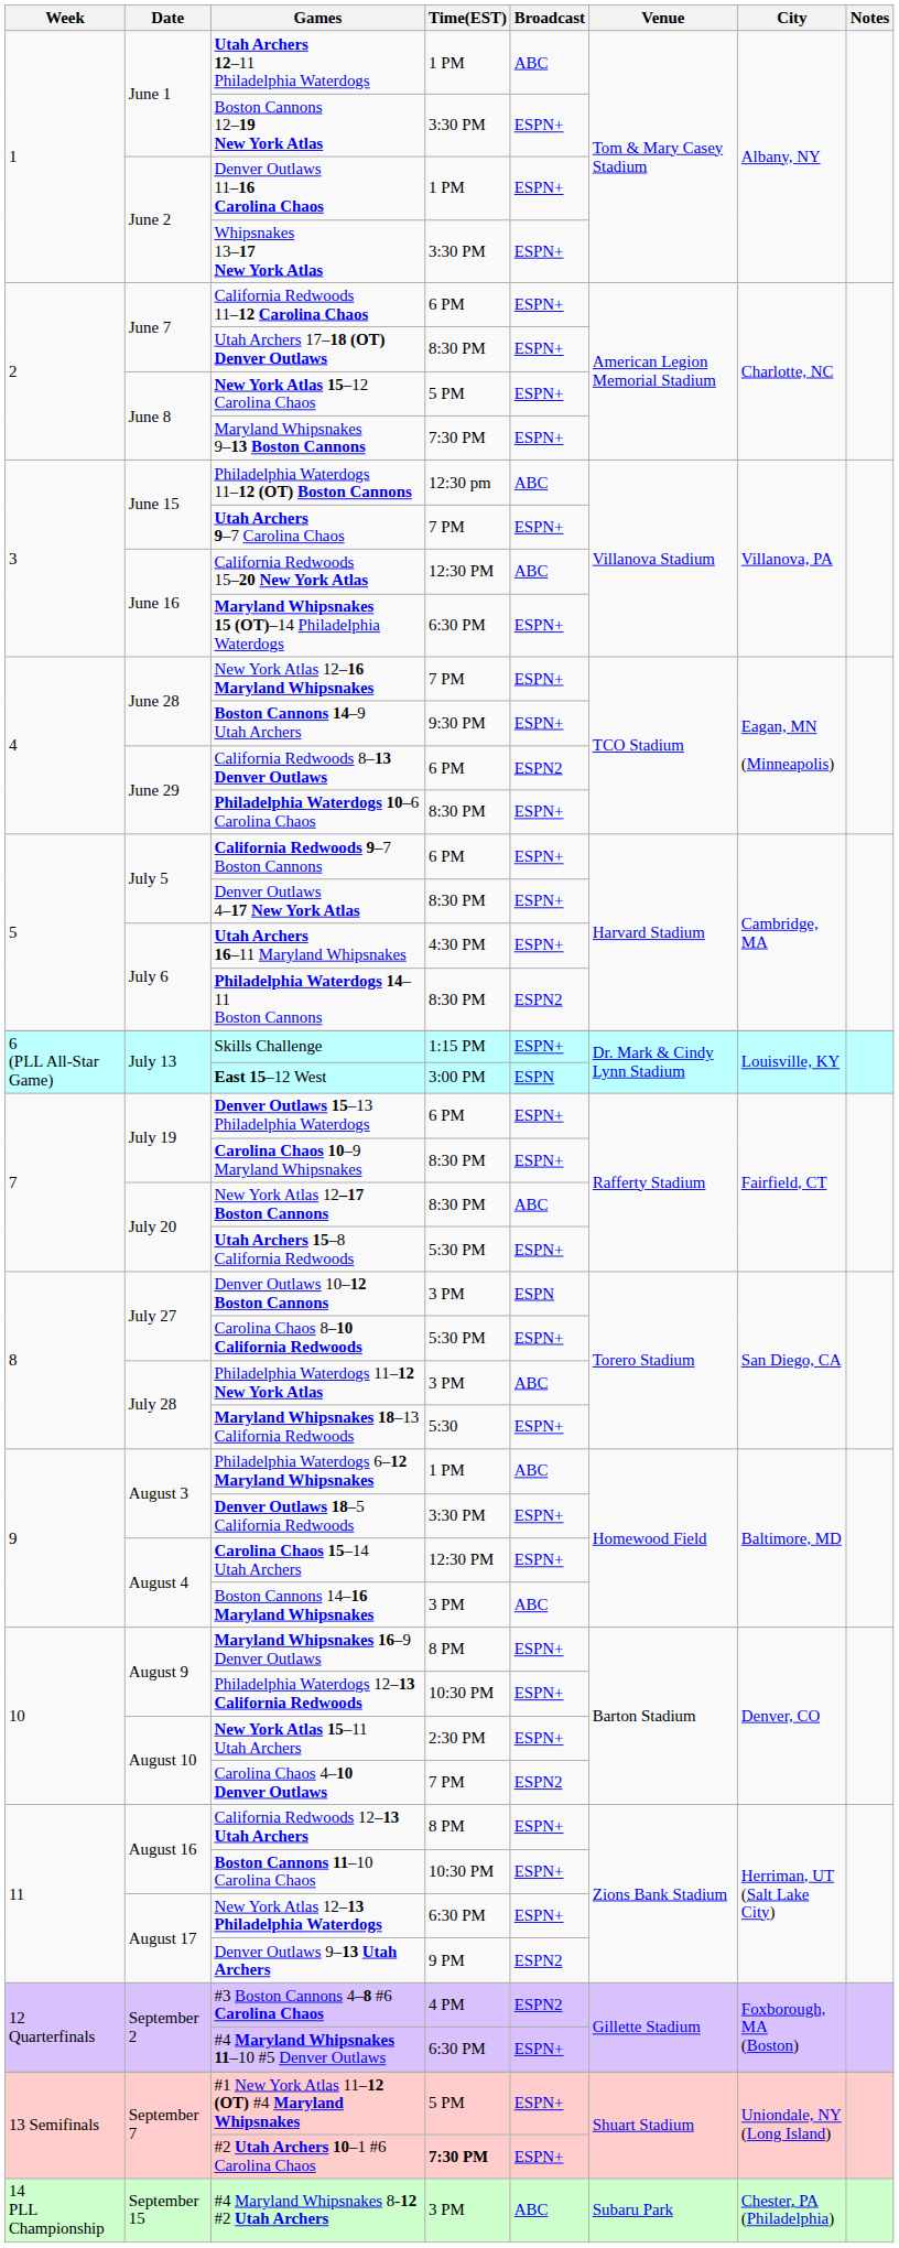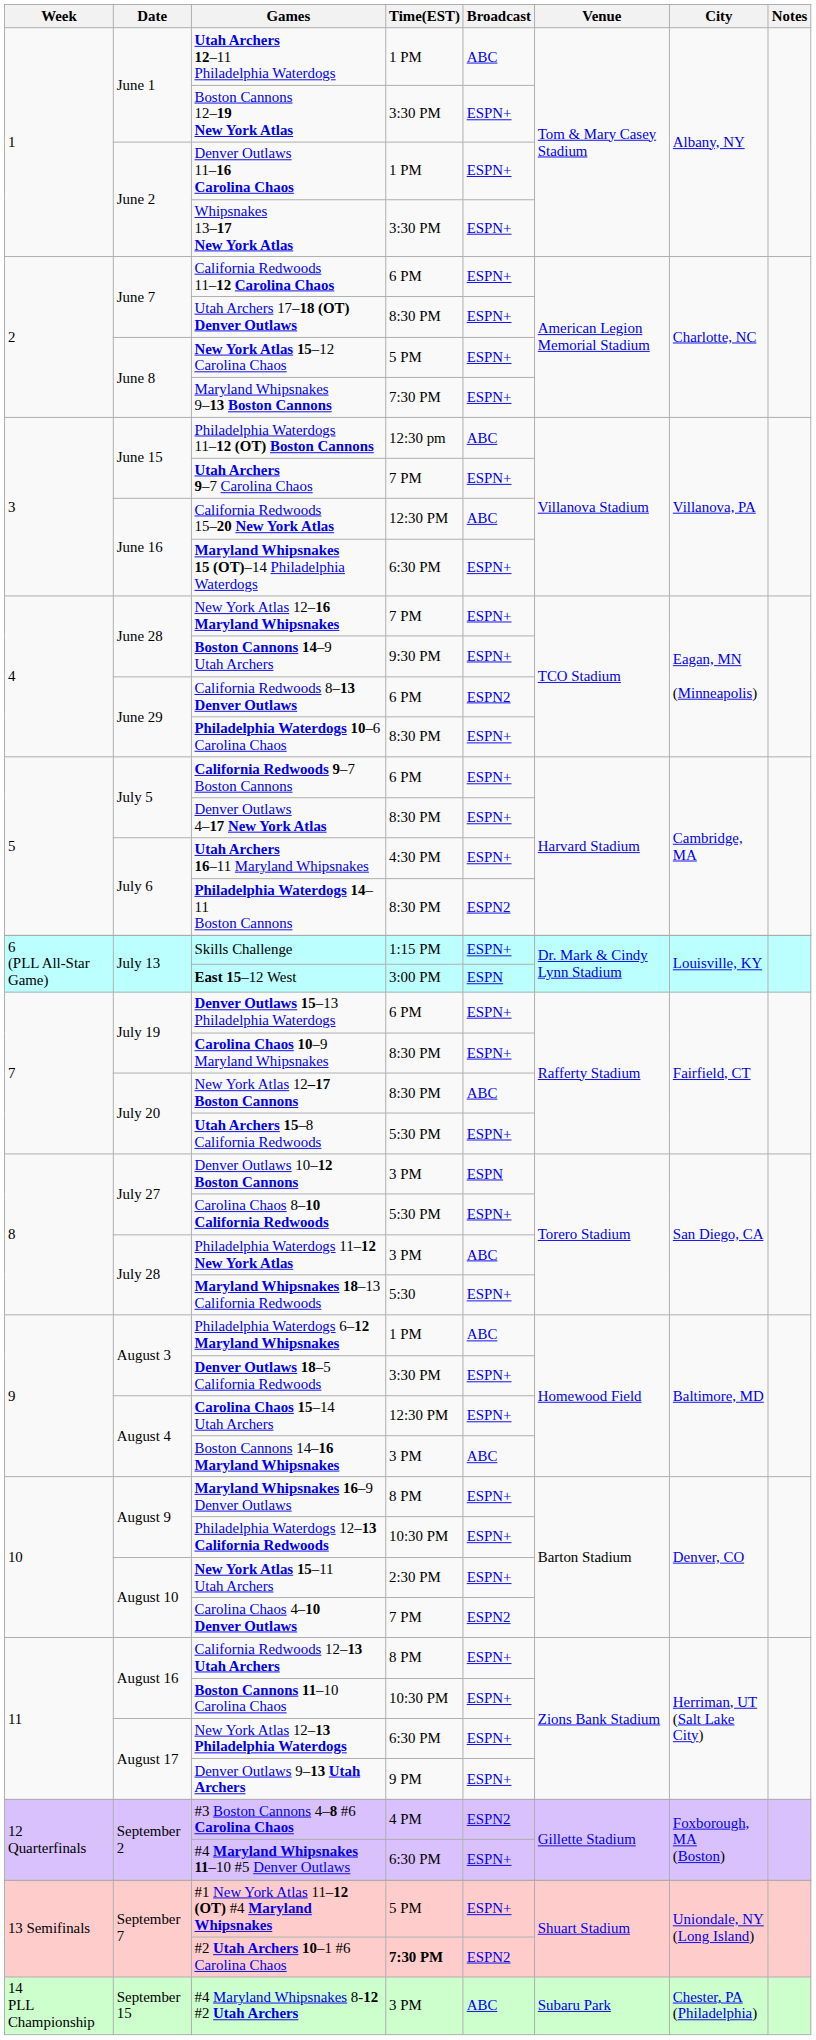 <table class="wikitable">
 <tr>
 <th><strong>Week</strong></th>
 <th><strong>Date</strong></th>
 <th><strong>Games</strong></th>
 <th><strong>Time(EST)</strong></th>
 <th>Broadcast </th>
 <th>Venue</th>
 <th>City</th>
 <th>Notes</th>
 </tr>
 <tr>
 <td rowspan="4">1</td>
 <td rowspan="2">June 1</td>
 <td><strong><a href='#'>Utah Archers</a></strong><br><strong>12</strong>–11<br><a href='#'>Philadelphia Waterdogs</a></td>
 <td>1 PM</td>
 <td><a href='#'>ABC</a></td>
 <td rowspan="4"><a href='#'>Tom & Mary Casey Stadium</a></td>
 <td rowspan="4"><a href='#'>Albany, NY</a></td>
 <td rowspan="4"></td>
 </tr>
 <tr>
 <td><a href='#'>Boston Cannons</a><br>12–<strong>19</strong><br><a href='#'><strong>New York Atlas</strong></a></td>
 <td>3:30 PM</td>
 <td><a href='#'>ESPN+</a></td>
 </tr>
 <tr>
 <td rowspan="2">June 2</td>
 <td><a href='#'>Denver Outlaws</a><br>11–<strong>16</strong><br><strong><a href='#'>Carolina Chaos</a></strong></td>
 <td>1 PM</td>
 <td><a href='#'>ESPN+</a></td>
 </tr>
 <tr>
 <td><a href='#'>Whipsnakes</a><br>13–<strong>17</strong><br><strong><a href='#'>New York Atlas</a></strong></td>
 <td>3:30 PM</td>
 <td><a href='#'>ESPN+</a></td>
 </tr>
 <tr>
 <td rowspan="4">2</td>
 <td rowspan="2">June 7</td>
 <td><a href='#'>California Redwoods</a><br>11–<strong>12</strong> <strong><a href='#'>Carolina Chaos</a></strong></td>
 <td>6 PM</td>
 <td><a href='#'>ESPN+</a></td>
 <td rowspan="4"><a href='#'>American Legion Memorial Stadium</a></td>
 <td rowspan="4"><a href='#'>Charlotte, NC</a></td>
 <td rowspan="4"></td>
 </tr>
 <tr>
 <td><a href='#'>Utah Archers</a> 17–<strong>18 (OT)</strong><br><strong><a href='#'>Denver Outlaws</a></strong></td>
 <td>8:30 PM</td>
 <td><a href='#'>ESPN+</a></td>
 </tr>
 <tr>
 <td rowspan="2">June 8</td>
 <td><a href='#'><strong>New York Atlas</strong></a> <strong>15</strong>–12<br><a href='#'>Carolina Chaos</a></td>
 <td>5 PM</td>
 <td><a href='#'>ESPN+</a></td>
 </tr>
 <tr>
 <td><a href='#'>Maryland Whipsnakes</a><br>9–<strong>13</strong> <strong><a href='#'>Boston Cannons</a></strong></td>
 <td>7:30 PM</td>
 <td><a href='#'>ESPN+</a></td>
 </tr>
 <tr>
 <td rowspan="4">3</td>
 <td rowspan="2">June 15</td>
 <td><a href='#'>Philadelphia Waterdogs</a><br>11–<strong>12 (OT)</strong> <strong><a href='#'>Boston Cannons</a></strong></td>
 <td>12:30 pm</td>
 <td><a href='#'>ABC</a></td>
 <td rowspan="4"><a href='#'>Villanova Stadium</a></td>
 <td rowspan="4"><a href='#'>Villanova, PA</a></td>
 <td rowspan="4"></td>
 </tr>
 <tr>
 <td><strong><a href='#'>Utah Archers</a></strong><br><strong>9</strong>–7 <a href='#'>Carolina Chaos</a></td>
 <td>7 PM</td>
 <td><a href='#'>ESPN+</a></td>
 </tr>
 <tr>
 <td rowspan="2">June 16</td>
 <td><a href='#'>California Redwoods</a><br>15–<strong>20</strong> <a href='#'><strong>New York Atlas</strong></a></td>
 <td>12:30 PM</td>
 <td><a href='#'>ABC</a></td>
 </tr>
 <tr>
 <td><strong><a href='#'>Maryland Whipsnakes</a></strong><br><strong>15 (OT)</strong>–14 <a href='#'>Philadelphia Waterdogs</a></td>
 <td>6:30 PM</td>
 <td><a href='#'>ESPN+</a></td>
 </tr>
 <tr>
 <td rowspan="4">4</td>
 <td rowspan="2">June 28</td>
 <td><a href='#'>New York Atlas</a> 12–<strong>16</strong><br><strong><a href='#'>Maryland Whipsnakes</a></strong></td>
 <td>7 PM</td>
 <td><a href='#'>ESPN+</a></td>
 <td rowspan="4"><a href='#'>TCO Stadium</a></td>
 <td rowspan="4"><a href='#'>Eagan, MN</a><br><br>(<a href='#'>Minneapolis</a>)</td>
 <td rowspan="4"></td>
 </tr>
 <tr>
 <td><strong><a href='#'>Boston Cannons</a> 14</strong>–9<br><a href='#'>Utah Archers</a></td>
 <td>9:30 PM</td>
 <td><a href='#'>ESPN+</a></td>
 </tr>
 <tr>
 <td rowspan="2">June 29</td>
 <td><a href='#'>California Redwoods</a> 8–<strong>13</strong><br><strong><a href='#'>Denver Outlaws</a></strong></td>
 <td>6 PM</td>
 <td><a href='#'>ESPN2</a></td>
 </tr>
 <tr>
 <td><strong><a href='#'>Philadelphia Waterdogs</a> 10</strong>–6<br><a href='#'>Carolina Chaos</a></td>
 <td>8:30 PM</td>
 <td><a href='#'>ESPN+</a></td>
 </tr>
 <tr>
 <td rowspan="4">5</td>
 <td rowspan="2">July 5</td>
 <td><strong><a href='#'>California Redwoods</a> 9</strong>–7<br><a href='#'>Boston Cannons</a></td>
 <td>6 PM</td>
 <td><a href='#'>ESPN+</a></td>
 <td rowspan="4"><a href='#'>Harvard Stadium</a></td>
 <td rowspan="4"><a href='#'>Cambridge, MA</a></td>
 <td rowspan="4"></td>
 </tr>
 <tr>
 <td><a href='#'>Denver Outlaws</a><br>4–<strong>17</strong> <strong><a href='#'>New York Atlas</a></strong></td>
 <td>8:30 PM</td>
 <td><a href='#'>ESPN+</a></td>
 </tr>
 <tr>
 <td rowspan="2">July 6</td>
 <td><strong><a href='#'>Utah Archers</a></strong><br><strong>16</strong>–11 <a href='#'>Maryland Whipsnakes</a></td>
 <td>4:30 PM</td>
 <td><a href='#'>ESPN+</a></td>
 </tr>
 <tr>
 <td><strong><a href='#'>Philadelphia Waterdogs</a> 14</strong>–11<br><a href='#'>Boston Cannons</a></td>
 <td>8:30 PM</td>
 <td><a href='#'>ESPN2</a></td>
 </tr>
 <tr>
 </tr>
 <tr style="background:#bff">
 <td rowspan="2">6<br>(PLL All-Star  Game)</td>
 <td rowspan="2">July 13</td>
 <td>Skills Challenge</td>
 <td>1:15 PM</td>
 <td><a href='#'>ESPN+</a></td>
 <td rowspan="2"><a href='#'>Dr. Mark & Cindy Lynn Stadium</a></td>
 <td rowspan="2"><a href='#'>Louisville, KY</a></td>
 <td rowspan="2"></td>
 </tr>
 <tr style="background:#bff">
 <td><strong>East 15</strong>–12 West</td>
 <td>3:00 PM</td>
 <td><a href='#'>ESPN</a></td>
 </tr>
 <tr>
 <td rowspan="4">7</td>
 <td rowspan="2">July 19</td>
 <td><strong><a href='#'>Denver Outlaws</a> 15</strong>–13<br><a href='#'>Philadelphia Waterdogs</a></td>
 <td>6 PM</td>
 <td><a href='#'>ESPN+</a></td>
 <td rowspan="4"><a href='#'>Rafferty Stadium</a></td>
 <td rowspan="4"><a href='#'>Fairfield, CT</a></td>
 <td rowspan="4"></td>
 </tr>
 <tr>
 <td><strong><a href='#'>Carolina Chaos</a> 10</strong>–9<br><a href='#'>Maryland Whipsnakes</a></td>
 <td>8:30 PM</td>
 <td><a href='#'>ESPN+</a></td>
 </tr>
 <tr>
 <td rowspan="2">July 20</td>
 <td><a href='#'>New York Atlas</a> 12<strong>–17</strong><br><strong><a href='#'>Boston Cannons</a></strong></td>
 <td>8:30 PM</td>
 <td><a href='#'>ABC</a></td>
 </tr>
 <tr>
 <td><strong><a href='#'>Utah Archers</a> 15</strong>–8<br><a href='#'>California Redwoods</a></td>
 <td>5:30 PM</td>
 <td><a href='#'>ESPN+</a></td>
 </tr>
 <tr>
 <td rowspan="4">8</td>
 <td rowspan="2">July 27</td>
 <td><a href='#'>Denver Outlaws</a> 10–<strong>12</strong><br><strong><a href='#'>Boston Cannons</a></strong></td>
 <td>3 PM</td>
 <td><a href='#'>ESPN</a></td>
 <td rowspan="4"><a href='#'>Torero Stadium</a></td>
 <td rowspan="4"><a href='#'>San Diego, CA</a></td>
 <td rowspan="4"></td>
 </tr>
 <tr>
 <td><a href='#'>Carolina Chaos</a> 8–<strong>10</strong><br><strong><a href='#'>California Redwoods</a></strong></td>
 <td>5:30 PM</td>
 <td><a href='#'>ESPN+</a></td>
 </tr>
 <tr>
 <td rowspan="2">July 28</td>
 <td><a href='#'>Philadelphia Waterdogs</a> 11–<strong>12</strong><br><strong><a href='#'>New York Atlas</a></strong></td>
 <td>3 PM</td>
 <td><a href='#'>ABC</a></td>
 </tr>
 <tr>
 <td><strong><a href='#'>Maryland Whipsnakes</a> 18</strong>–13<br><a href='#'>California Redwoods</a></td>
 <td>5:30</td>
 <td><a href='#'>ESPN+</a></td>
 </tr>
 <tr>
 <td rowspan="4">9</td>
 <td rowspan="2">August 3</td>
 <td><a href='#'>Philadelphia Waterdogs</a> 6–<strong>12</strong><br><strong><a href='#'>Maryland Whipsnakes</a></strong></td>
 <td>1 PM</td>
 <td><a href='#'>ABC</a></td>
 <td rowspan="4"><a href='#'>Homewood Field</a></td>
 <td rowspan="4"><a href='#'>Baltimore, MD</a></td>
 <td rowspan="4"></td>
 </tr>
 <tr>
 <td><strong><a href='#'>Denver Outlaws</a> 18</strong>–5<br><a href='#'>California Redwoods</a></td>
 <td>3:30 PM</td>
 <td><a href='#'>ESPN+</a></td>
 </tr>
 <tr>
 <td rowspan="2">August 4</td>
 <td><strong><a href='#'>Carolina Chaos</a> 15</strong>–14<br><a href='#'>Utah Archers</a></td>
 <td>12:30 PM</td>
 <td><a href='#'>ESPN+</a></td>
 </tr>
 <tr>
 <td><a href='#'>Boston Cannons</a> 14–<strong>16</strong><br><strong><a href='#'>Maryland Whipsnakes</a></strong></td>
 <td>3 PM</td>
 <td><a href='#'>ABC</a></td>
 </tr>
 <tr>
 <td rowspan="4">10</td>
 <td rowspan="2">August 9</td>
 <td><strong><a href='#'>Maryland Whipsnakes</a> 16</strong>–9<br><a href='#'>Denver Outlaws</a></td>
 <td>8 PM</td>
 <td><a href='#'>ESPN+</a></td>
 <td rowspan="4">Barton Stadium</td>
 <td rowspan="4"><a href='#'>Denver, CO</a></td>
 <td rowspan="4"></td>
 </tr>
 <tr>
 <td><a href='#'>Philadelphia Waterdogs</a> 12–<strong>13</strong><br><strong><a href='#'>California Redwoods</a></strong></td>
 <td>10:30 PM</td>
 <td><a href='#'>ESPN+</a></td>
 </tr>
 <tr>
 <td rowspan="2">August 10</td>
 <td><strong><a href='#'>New York Atlas</a> 15</strong>–11<br><a href='#'>Utah Archers</a></td>
 <td>2:30 PM</td>
 <td><a href='#'>ESPN+</a></td>
 </tr>
 <tr>
 <td><a href='#'>Carolina Chaos</a> 4–<strong>10</strong><br><strong><a href='#'>Denver Outlaws</a></strong></td>
 <td>7 PM</td>
 <td><a href='#'>ESPN2</a></td>
 </tr>
 <tr>
 <td rowspan="4">11</td>
 <td rowspan="2">August 16</td>
 <td><a href='#'>California Redwoods</a> 12–<strong>13</strong> <strong><a href='#'>Utah Archers</a></strong></td>
 <td>8 PM</td>
 <td><a href='#'>ESPN+</a></td>
 <td rowspan="4"><a href='#'>Zions Bank Stadium</a></td>
 <td rowspan="4"><a href='#'>Herriman, UT</a><br> (<a href='#'>Salt Lake City</a>)</td>
 <td rowspan="4"></td>
 </tr>
 <tr>
 <td><strong><a href='#'>Boston Cannons</a> 11</strong>–10 <a href='#'>Carolina Chaos</a></td>
 <td>10:30 PM</td>
 <td><a href='#'>ESPN+</a></td>
 </tr>
 <tr>
 <td rowspan="2">August 17</td>
 <td><a href='#'>New York Atlas</a> 12–<strong>13</strong> <strong><a href='#'>Philadelphia Waterdogs</a></strong></td>
 <td>6:30 PM</td>
 <td><a href='#'>ESPN+</a></td>
 </tr>
 <tr>
 <td><a href='#'>Denver Outlaws</a> 9–<strong>13</strong> <strong><a href='#'>Utah Archers</a></strong></td>
 <td>9 PM</td>
-<td><a href='#'>ESPN2</a></td>
+<td><a href='#'>ESPN+</a></td>
 </tr>
 <tr style="background:#D8C1FD">
 <td rowspan="2">12<br>Quarterfinals</td>
 <td rowspan="2">September 2</td>
 <td>#3 <a href='#'>Boston Cannons</a> 4–<strong>8</strong> #6 <strong><a href='#'>Carolina Chaos</a></strong></td>
 <td>4 PM</td>
 <td><a href='#'>ESPN2</a></td>
 <td rowspan="2"><a href='#'>Gillette Stadium</a></td>
 <td rowspan="2"><a href='#'>Foxborough, MA</a><br>(<a href='#'>Boston</a>)</td>
 <td rowspan="2"></td>
 </tr>
 <tr style="background:#D8C1FD">
 <td>#4 <strong><a href='#'>Maryland Whipsnakes</a> 11</strong>–10 #5 <a href='#'>Denver Outlaws</a></td>
 <td>6:30 PM</td>
 <td><a href='#'>ESPN+</a></td>
 </tr>
 <tr style="background:#fcc">
 </tr>
 <tr style="background:#D8C1FD">
 </tr>
 <tr style="background:#fcc">
 <td rowspan="2">13 Semifinals</td>
 <td rowspan="2">September 7</td>
 <td>#1 <a href='#'>New York Atlas</a> 11–<strong>12 (OT)</strong> #4 <strong><a href='#'>Maryland Whipsnakes</a></strong></td>
 <td>5 PM</td>
 <td><a href='#'>ESPN+</a></td>
 <td rowspan="2"><a href='#'>Shuart Stadium</a></td>
 <td rowspan="2"><a href='#'>Uniondale, NY</a><br>(<a href='#'>Long Island</a>)</td>
 <td rowspan="2"></td>
 </tr>
 <tr style="background:#fcc">
 <td>#2 <strong><a href='#'>Utah Archers</a> 10</strong>–1 #6 <a href='#'>Carolina Chaos</a></td>
 <td><strong>7:30 PM</strong></td>
-<td><a href='#'>ESPN+</a></td>
+<td><a href='#'>ESPN2</a></td>
 </tr>
 <tr style="background:#cfc">
 <td>14<br>PLL Championship</td>
 <td>September 15</td>
 <td>#4 <a href='#'>Maryland Whipsnakes</a> 8-<strong>12</strong> #2 <strong><a href='#'>Utah Archers</a></strong></td>
 <td>3 PM</td>
 <td><a href='#'>ABC</a></td>
 <td><a href='#'>Subaru Park</a></td>
 <td><a href='#'>Chester, PA</a> <br>(<a href='#'>Philadelphia</a>)</td>
 <td></td>
 </tr>
 </table>
